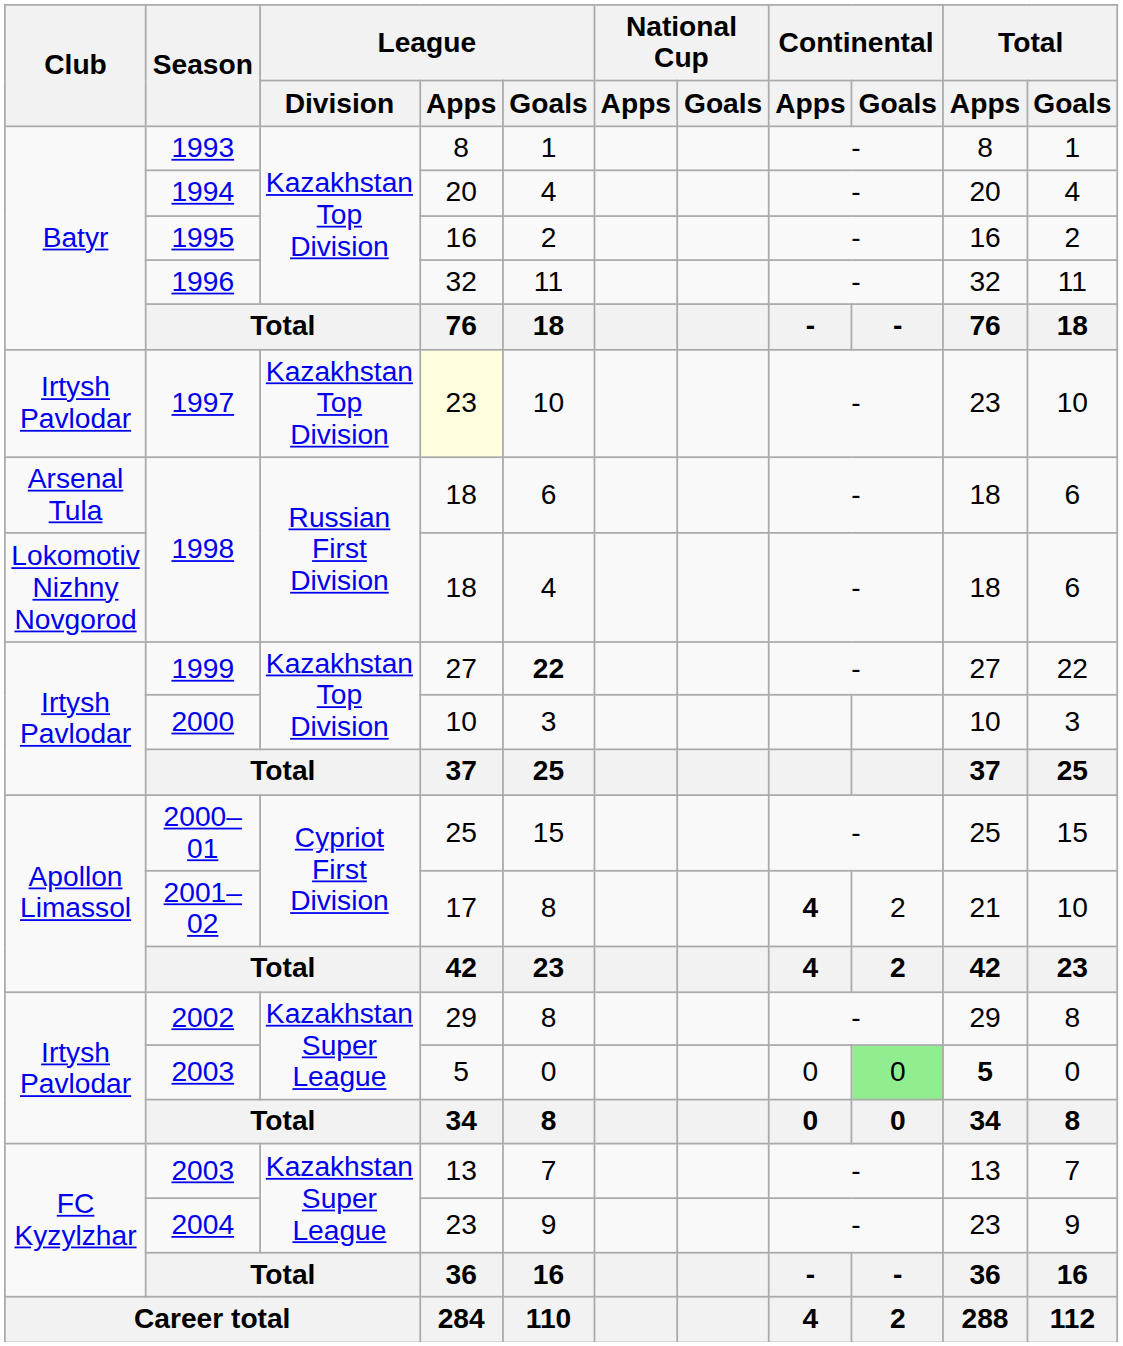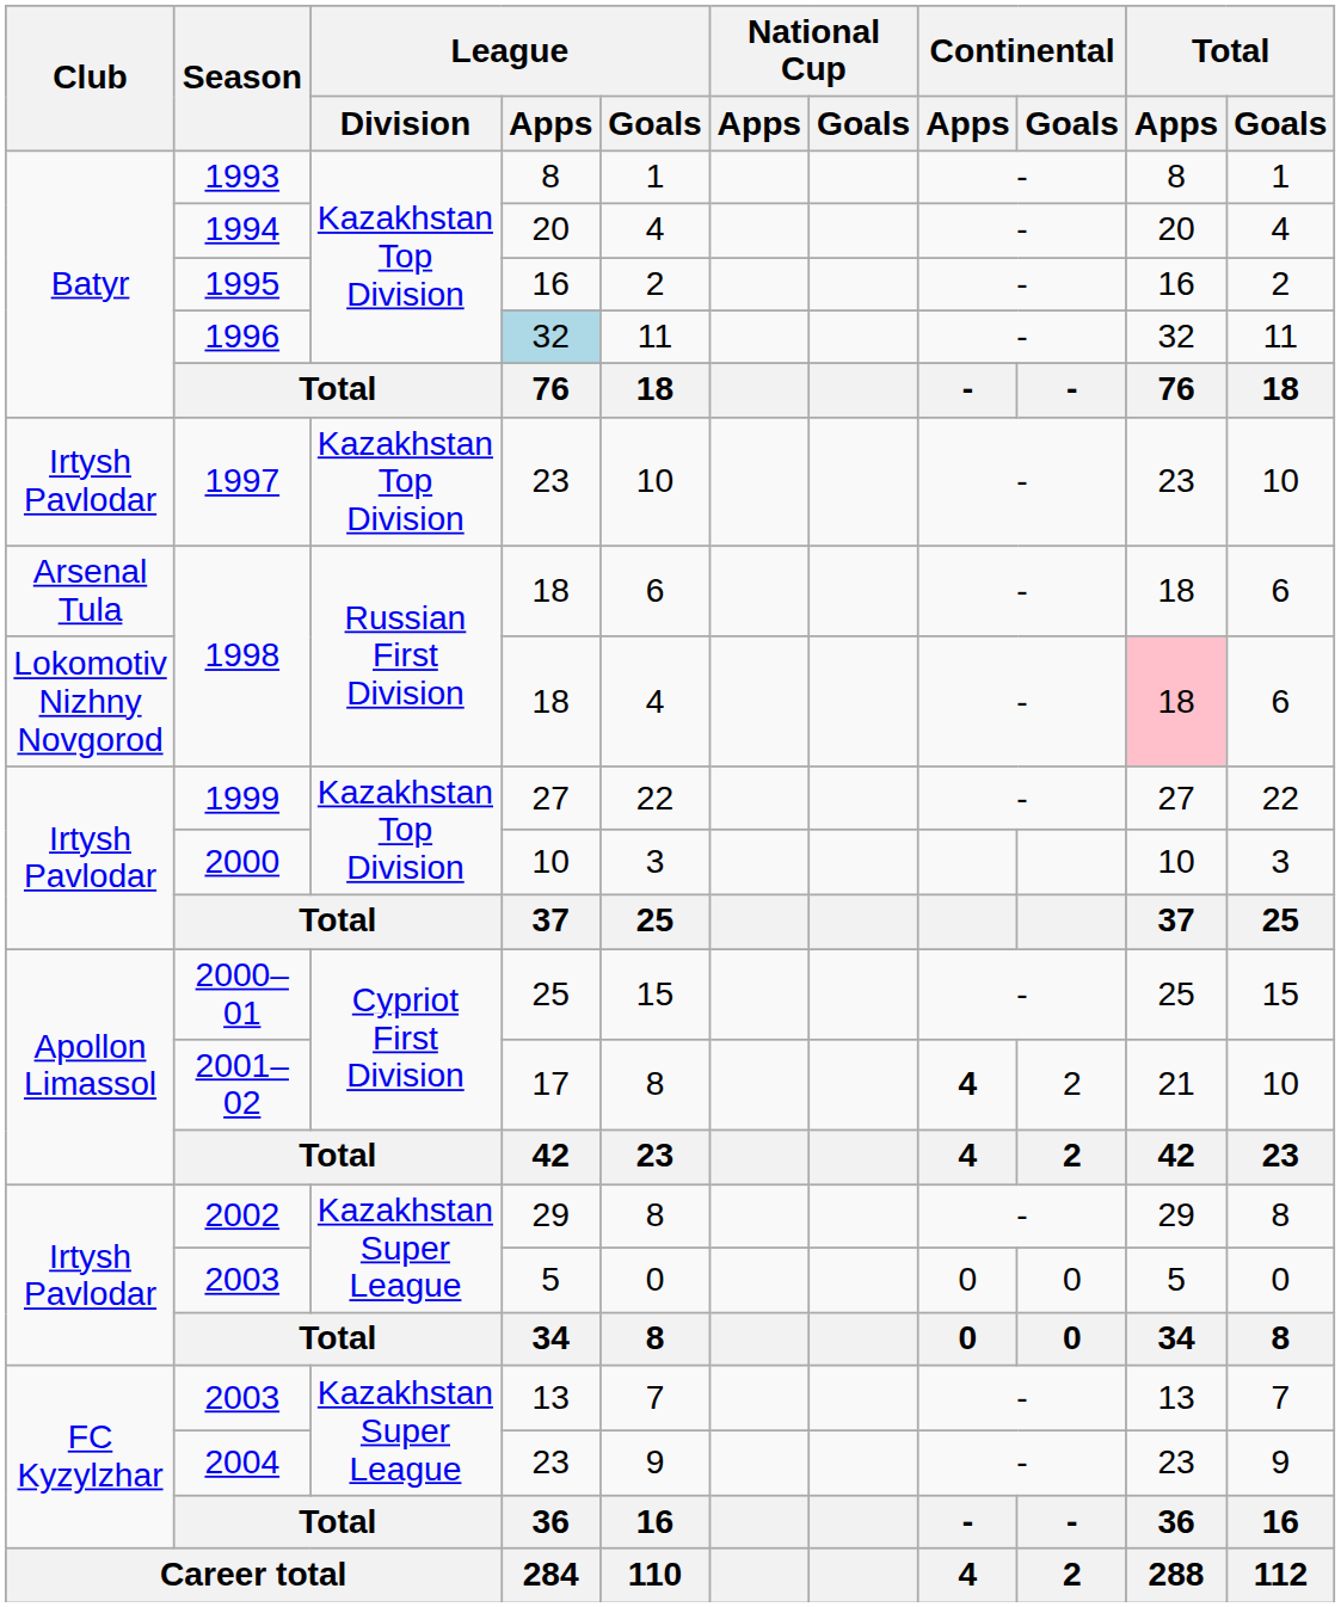 <table class="wikitable" style="text-align: center;">
 <tr>
 <th rowspan="2">Club</th>
 <th rowspan="2">Season</th>
 <th colspan="3">League</th>
 <th colspan="2">National Cup</th>
 <th colspan="2">Continental</th>
 <th colspan="2">Total</th>
 </tr>
 <tr>
 <th>Division</th>
 <th>Apps</th>
 <th>Goals</th>
 <th>Apps</th>
 <th>Goals</th>
 <th>Apps</th>
 <th>Goals</th>
 <th>Apps</th>
 <th>Goals</th>
 </tr>
 <tr>
 <td rowspan="5" valign="center"><a href='#'>Batyr</a></td>
 <td><a href='#'>1993</a></td>
 <td rowspan="4" valign="center"><a href='#'>Kazakhstan Top Division</a></td>
 <td>8</td>
 <td>1</td>
 <td></td>
 <td></td>
 <td colspan="2">-</td>
 <td>8</td>
 <td>1</td>
 </tr>
 <tr>
 <td><a href='#'>1994</a></td>
 <td>20</td>
 <td>4</td>
 <td></td>
 <td></td>
 <td colspan="2">-</td>
 <td>20</td>
 <td>4</td>
 </tr>
 <tr>
 <td><a href='#'>1995</a></td>
 <td>16</td>
 <td>2</td>
 <td></td>
 <td></td>
 <td colspan="2">-</td>
 <td>16</td>
 <td>2</td>
 </tr>
 <tr>
 <td><a href='#'>1996</a></td>
-<td>32</td>
+<td style="background: lightblue;">32</td>
 <td>11</td>
 <td></td>
 <td></td>
 <td colspan="2">-</td>
 <td>32</td>
 <td>11</td>
 </tr>
 <tr>
 <th colspan="2">Total</th>
 <th>76</th>
 <th>18</th>
 <th></th>
 <th></th>
 <th>-</th>
 <th>-</th>
 <th>76</th>
 <th>18</th>
 </tr>
 <tr>
 <td valign="center"><a href='#'>Irtysh Pavlodar</a></td>
 <td><a href='#'>1997</a></td>
 <td><a href='#'>Kazakhstan Top Division</a></td>
-<td style="background: lightyellow;">23</td>
+<td>23</td>
 <td>10</td>
 <td></td>
 <td></td>
 <td colspan="2">-</td>
 <td>23</td>
 <td>10</td>
 </tr>
 <tr>
 <td valign="center"><a href='#'>Arsenal Tula</a></td>
 <td rowspan="2" valign="center"><a href='#'>1998</a></td>
 <td rowspan="2" valign="center"><a href='#'>Russian First Division</a></td>
 <td>18</td>
 <td>6</td>
 <td></td>
 <td></td>
 <td colspan="2">-</td>
 <td>18</td>
 <td>6</td>
 </tr>
 <tr>
 <td valign="center"><a href='#'>Lokomotiv Nizhny Novgorod</a></td>
 <td>18</td>
 <td>4</td>
 <td></td>
 <td></td>
 <td colspan="2">-</td>
-<td>18</td>
+<td style="background: pink;">18</td>
 <td>6</td>
 </tr>
 <tr>
 <td rowspan="3" valign="center"><a href='#'>Irtysh Pavlodar</a></td>
 <td><a href='#'>1999</a></td>
 <td rowspan="2" valign="center"><a href='#'>Kazakhstan Top Division</a></td>
 <td>27</td>
-<td><strong>22</strong></td>
+<td>22</td>
 <td></td>
 <td></td>
 <td colspan="2">-</td>
 <td>27</td>
 <td>22</td>
 </tr>
 <tr>
 <td><a href='#'>2000</a></td>
 <td>10</td>
 <td>3</td>
 <td></td>
 <td></td>
 <td></td>
 <td></td>
 <td>10</td>
 <td>3</td>
 </tr>
 <tr>
 <th colspan="2">Total</th>
 <th>37</th>
 <th>25</th>
 <th></th>
 <th></th>
 <th></th>
 <th></th>
 <th>37</th>
 <th>25</th>
 </tr>
 <tr>
 <td rowspan="3" valign="center"><a href='#'>Apollon Limassol</a></td>
 <td><a href='#'>2000–01</a></td>
 <td rowspan="2" valign="center"><a href='#'>Cypriot First Division</a></td>
 <td>25</td>
 <td>15</td>
 <td></td>
 <td></td>
 <td colspan="2">-</td>
 <td>25</td>
 <td>15</td>
 </tr>
 <tr>
 <td><a href='#'>2001–02</a></td>
 <td>17</td>
 <td>8</td>
 <td></td>
 <td></td>
 <td><strong>4</strong></td>
 <td>2</td>
 <td>21</td>
 <td>10</td>
 </tr>
 <tr>
 <th colspan="2">Total</th>
 <th>42</th>
 <th>23</th>
 <th></th>
 <th></th>
 <th>4</th>
 <th>2</th>
 <th>42</th>
 <th>23</th>
 </tr>
 <tr>
 <td rowspan="3" valign="center"><a href='#'>Irtysh Pavlodar</a></td>
 <td><a href='#'>2002</a></td>
 <td rowspan="2" valign="center"><a href='#'>Kazakhstan Super League</a></td>
 <td>29</td>
 <td>8</td>
 <td></td>
 <td></td>
 <td colspan="2">-</td>
 <td>29</td>
 <td>8</td>
 </tr>
 <tr>
 <td><a href='#'>2003</a></td>
 <td>5</td>
 <td>0</td>
 <td></td>
 <td></td>
 <td>0</td>
-<td style="background: lightgreen;">0</td>
-<td><strong>5</strong></td>
+<td>0</td>
+<td>5</td>
 <td>0</td>
 </tr>
 <tr>
 <th colspan="2">Total</th>
 <th>34</th>
 <th>8</th>
 <th></th>
 <th></th>
 <th>0</th>
 <th>0</th>
 <th>34</th>
 <th>8</th>
 </tr>
 <tr>
 <td rowspan="3" valign="center"><a href='#'>FC Kyzylzhar</a></td>
 <td><a href='#'>2003</a></td>
 <td rowspan="2" valign="center"><a href='#'>Kazakhstan Super League</a></td>
 <td>13</td>
 <td>7</td>
 <td></td>
 <td></td>
 <td colspan="2">-</td>
 <td>13</td>
 <td>7</td>
 </tr>
 <tr>
 <td><a href='#'>2004</a></td>
 <td>23</td>
 <td>9</td>
 <td></td>
 <td></td>
 <td colspan="2">-</td>
 <td>23</td>
 <td>9</td>
 </tr>
 <tr>
 <th colspan="2">Total</th>
 <th>36</th>
 <th>16</th>
 <th></th>
 <th></th>
 <th>-</th>
 <th>-</th>
 <th>36</th>
 <th>16</th>
 </tr>
 <tr>
 <th colspan="3">Career total</th>
 <th>284</th>
 <th>110</th>
 <th></th>
 <th></th>
 <th>4</th>
 <th>2</th>
 <th>288</th>
 <th>112</th>
 </tr>
 </table>
